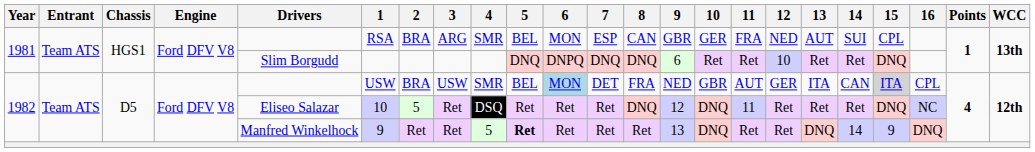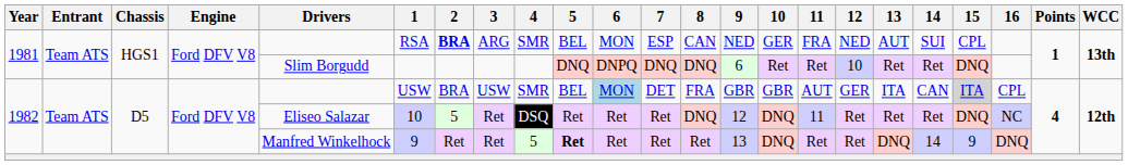 <table class="wikitable" style="text-align:center; font-size:90%">
 <tr>
 <th>Year</th>
 <th>Entrant</th>
 <th>Chassis</th>
 <th>Engine</th>
 <th>Drivers</th>
 <th>1</th>
 <th>2</th>
 <th>3</th>
 <th>4</th>
 <th>5</th>
 <th>6</th>
 <th>7</th>
 <th>8</th>
 <th>9</th>
 <th>10</th>
 <th>11</th>
 <th>12</th>
 <th>13</th>
 <th>14</th>
 <th>15</th>
 <th>16</th>
 <th>Points</th>
 <th>WCC</th>
 </tr>
 <tr>
 <td Rowspan="2"><a href='#'>1981</a></td>
 <td Rowspan="2"><a href='#'>Team ATS</a></td>
 <td Rowspan="2">HGS1</td>
 <td Rowspan="2"><a href='#'>Ford</a> <a href='#'>DFV</a> <a href='#'>V8</a></td>
 <td></td>
 <td><a href='#'>RSA</a></td>
-<td><a href='#'>BRA</a></td>
+<td><strong><a href='#'>BRA</a></strong></td>
 <td><a href='#'>ARG</a></td>
 <td><a href='#'>SMR</a></td>
 <td><a href='#'>BEL</a></td>
 <td><a href='#'>MON</a></td>
 <td><a href='#'>ESP</a></td>
 <td><a href='#'>CAN</a></td>
-<td><a href='#'>GBR</a></td>
+<td><a href='#'>NED</a></td>
 <td><a href='#'>GER</a></td>
 <td><a href='#'>FRA</a></td>
 <td><a href='#'>NED</a></td>
 <td><a href='#'>AUT</a></td>
 <td><a href='#'>SUI</a></td>
 <td><a href='#'>CPL</a></td>
 <td></td>
 <td Rowspan="2"><strong>1</strong></td>
 <td Rowspan="2"><strong>13th</strong></td>
 </tr>
 <tr>
 <td><a href='#'>Slim Borgudd</a></td>
 <td></td>
 <td></td>
 <td></td>
 <td></td>
 <td style="background:#FFCFCF;">DNQ</td>
 <td style="background:#FFCFCF;">DNPQ</td>
 <td style="background:#FFCFCF;">DNQ</td>
 <td style="background:#FFCFCF;">DNQ</td>
 <td style="background:#DFFFDF;">6</td>
 <td style="background:#EFCFFF;">Ret</td>
 <td style="background:#EFCFFF;">Ret</td>
 <td style="background:#CFCFFF;">10</td>
 <td style="background:#EFCFFF;">Ret</td>
 <td style="background:#EFCFFF;">Ret</td>
 <td style="background:#FFCFCF;">DNQ</td>
 <td></td>
 </tr>
 <tr>
 <td Rowspan="3"><a href='#'>1982</a></td>
 <td Rowspan="3"><a href='#'>Team ATS</a></td>
 <td Rowspan="3">D5</td>
 <td Rowspan="3"><a href='#'>Ford</a> <a href='#'>DFV</a> <a href='#'>V8</a></td>
 <td></td>
 <td><a href='#'>USW</a></td>
 <td><a href='#'>BRA</a></td>
 <td><a href='#'>USW</a></td>
 <td><a href='#'>SMR</a></td>
 <td><a href='#'>BEL</a></td>
 <td style="background: lightblue;"><a href='#'>MON</a></td>
 <td><a href='#'>DET</a></td>
 <td><a href='#'>FRA</a></td>
-<td><a href='#'>NED</a></td>
+<td><a href='#'>GBR</a></td>
 <td><a href='#'>GBR</a></td>
 <td><a href='#'>AUT</a></td>
 <td><a href='#'>GER</a></td>
 <td><a href='#'>ITA</a></td>
 <td><a href='#'>CAN</a></td>
 <td style="background: lightgrey;"><a href='#'>ITA</a></td>
 <td><a href='#'>CPL</a></td>
 <td Rowspan="3"><strong>4</strong></td>
 <td Rowspan="3"><strong>12th</strong></td>
 </tr>
 <tr>
 <td><a href='#'>Eliseo Salazar</a></td>
 <td style="background:#CFCFFF;">10</td>
 <td style="background:#DFFFDF;">5</td>
 <td style="background:#EFCFFF;">Ret</td>
 <td style="background:#000000; color:white">DSQ</td>
 <td style="background:#EFCFFF;">Ret</td>
 <td style="background:#EFCFFF;">Ret</td>
 <td style="background:#EFCFFF;">Ret</td>
 <td style="background:#FFCFCF;">DNQ</td>
 <td style="background:#CFCFFF;">12</td>
 <td style="background:#FFCFCF;">DNQ</td>
 <td style="background:#CFCFFF;">11</td>
 <td style="background:#EFCFFF;">Ret</td>
 <td style="background:#EFCFFF;">Ret</td>
 <td style="background:#EFCFFF;">Ret</td>
 <td style="background:#FFCFCF;">DNQ</td>
 <td style="background:#CFCFFF;">NC</td>
 </tr>
 <tr>
 <td><a href='#'>Manfred Winkelhock</a></td>
 <td style="background:#CFCFFF;">9</td>
 <td style="background:#EFCFFF;">Ret</td>
 <td style="background:#EFCFFF;">Ret</td>
 <td style="background:#DFFFDF;">5</td>
 <td style="background:#EFCFFF;"><strong>Ret</strong></td>
 <td style="background:#EFCFFF;">Ret</td>
 <td style="background:#EFCFFF;">Ret</td>
 <td style="background:#EFCFFF;">Ret</td>
 <td style="background:#CFCFFF;">13</td>
 <td style="background:#FFCFCF;">DNQ</td>
 <td style="background:#EFCFFF;">Ret</td>
 <td style="background:#EFCFFF;">Ret</td>
 <td style="background:#FFCFCF;">DNQ</td>
 <td style="background:#CFCFFF;">14</td>
 <td style="background:#CFCFFF;">9</td>
 <td style="background:#FFCFCF;">DNQ</td>
 </tr>
 <tr>
 <th colspan="23"></th>
 </tr>
 </table>
